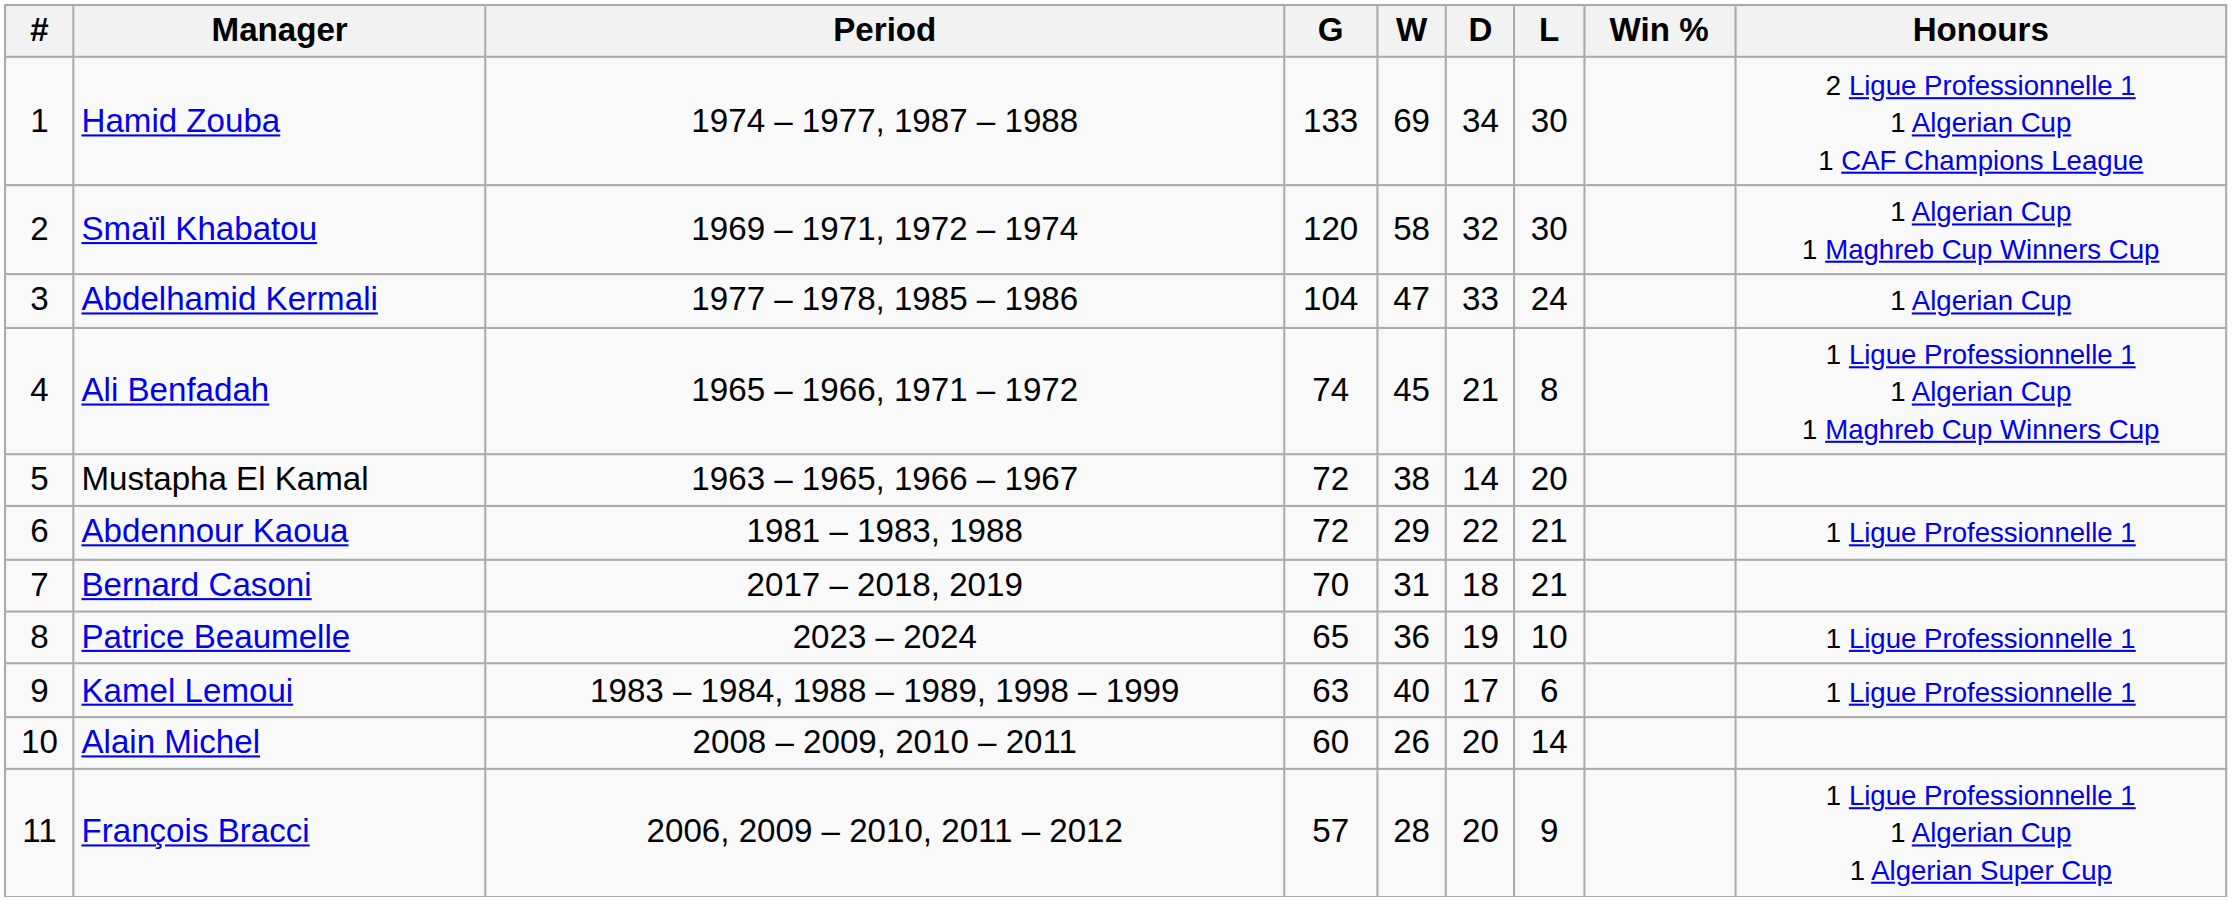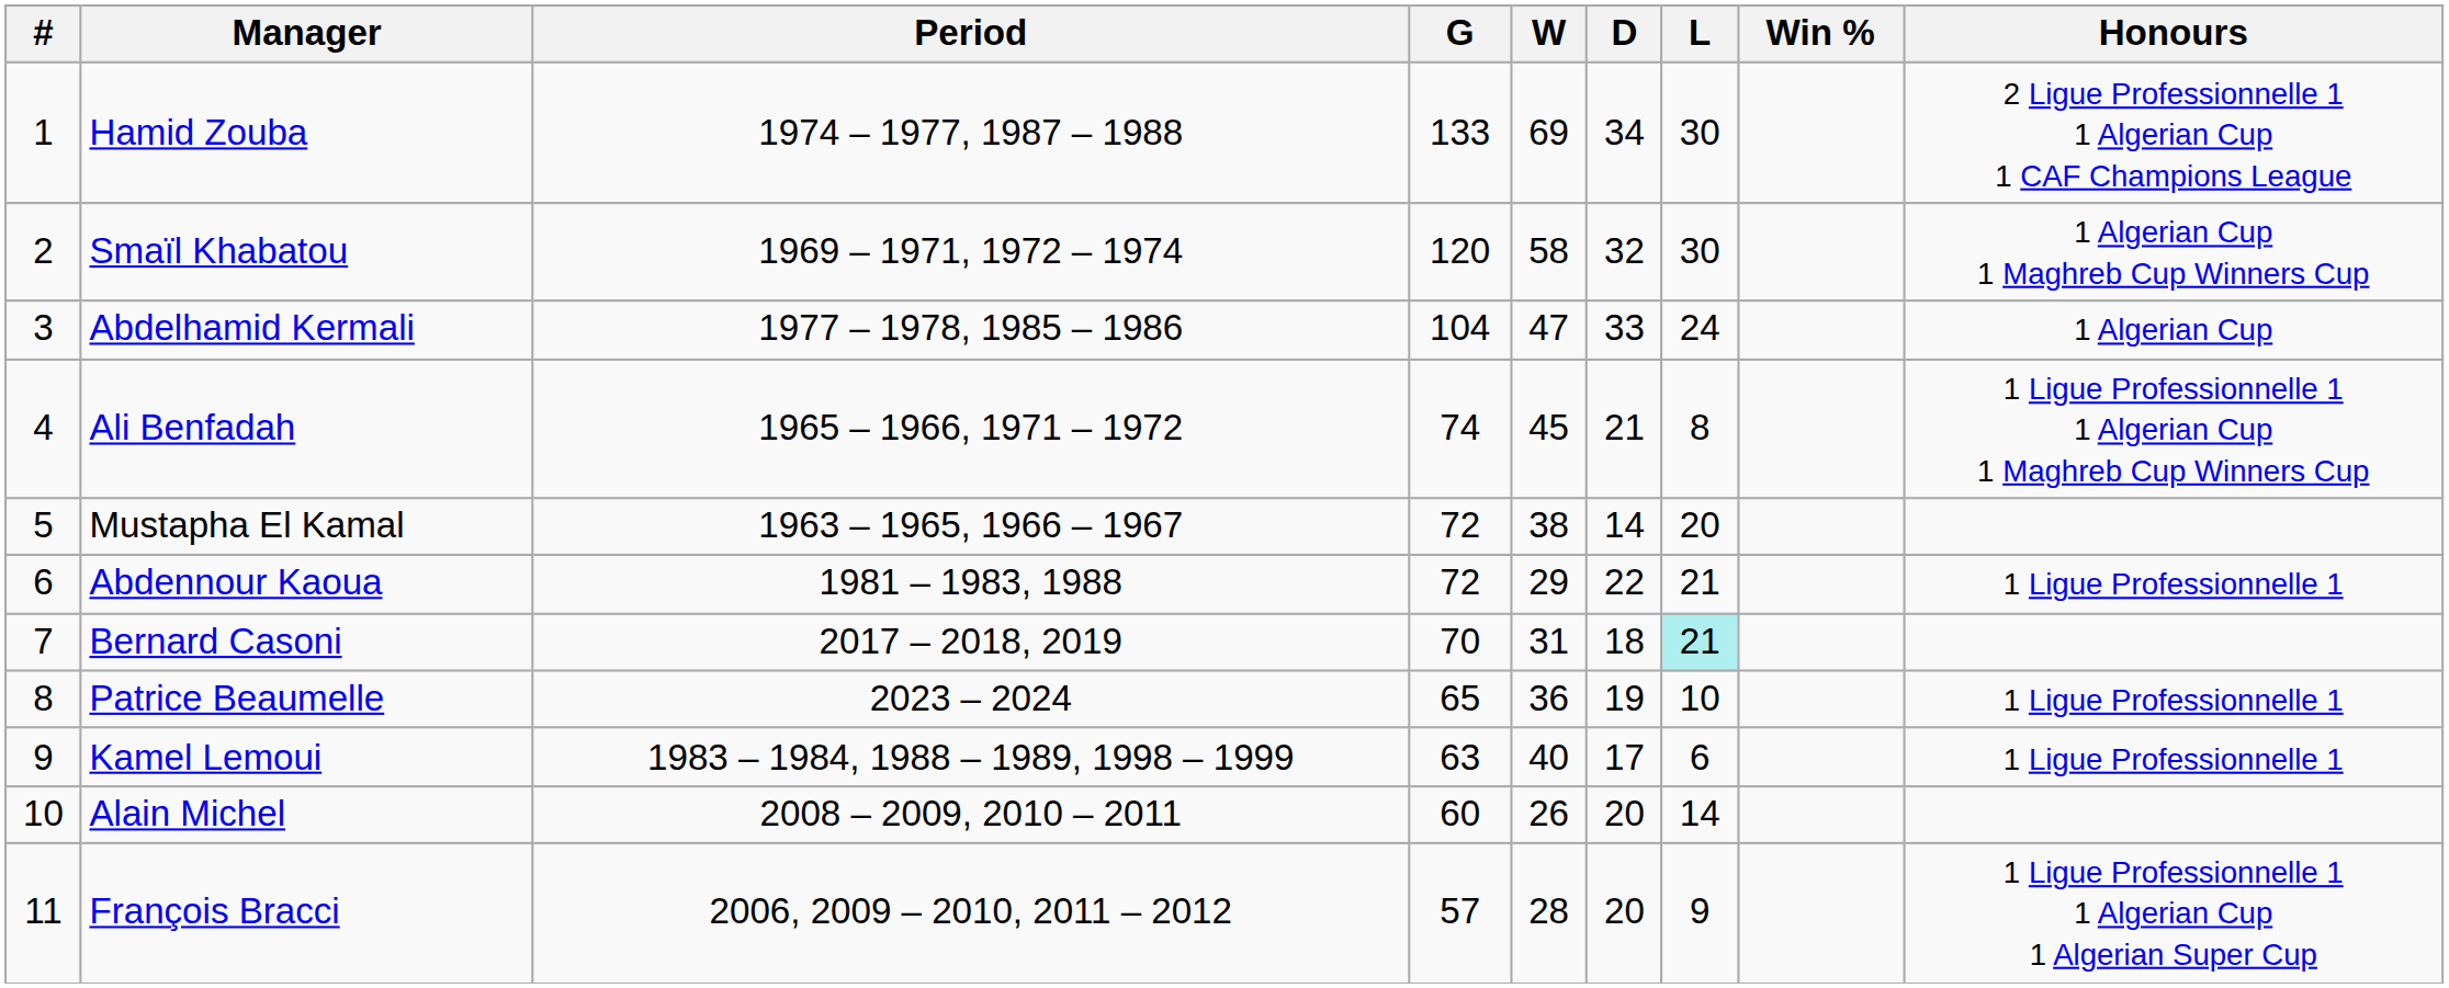 <table class="wikitable" width=85% border="2" cellpadding="4" style="border-collapse:collapse; text-align:center;">
 <tr>
 <th scope="col">#</th>
 <th scope="col">Manager</th>
 <th scope="col">Period</th>
 <th scope="col">G</th>
 <th scope="col">W</th>
 <th scope="col">D</th>
 <th scope="col">L</th>
 <th scope="col">Win %</th>
 <th scope="col">Honours</th>
 </tr>
 <tr>
 <td>1</td>
 <td align="left"> <a href='#'>Hamid Zouba</a></td>
 <td>1974 – 1977, 1987 – 1988</td>
 <td>133</td>
 <td>69</td>
 <td>34</td>
 <td>30</td>
 <td></td>
 <td><small>2 <a href='#'>Ligue Professionnelle 1</a> <br> 1 <a href='#'>Algerian Cup</a> <br> 1 <a href='#'>CAF Champions League</a></small></td>
 </tr>
 <tr>
 <td>2</td>
 <td align="left"> <a href='#'>Smaïl Khabatou</a></td>
 <td>1969 – 1971, 1972 – 1974</td>
 <td>120</td>
 <td>58</td>
 <td>32</td>
 <td>30</td>
 <td></td>
 <td><small>1 <a href='#'>Algerian Cup</a> <br> 1 <a href='#'>Maghreb Cup Winners Cup</a></small></td>
 </tr>
 <tr>
 <td>3</td>
 <td align="left"> <a href='#'>Abdelhamid Kermali</a></td>
 <td>1977 – 1978, 1985 – 1986</td>
 <td>104</td>
 <td>47</td>
 <td>33</td>
 <td>24</td>
 <td></td>
 <td><small>1 <a href='#'>Algerian Cup</a></small></td>
 </tr>
 <tr>
 <td>4</td>
 <td align="left"> <a href='#'>Ali Benfadah</a></td>
 <td>1965 – 1966, 1971 – 1972</td>
 <td>74</td>
 <td>45</td>
 <td>21</td>
 <td>8</td>
 <td></td>
 <td><small>1 <a href='#'>Ligue Professionnelle 1</a> <br> 1 <a href='#'>Algerian Cup</a> <br> 1 <a href='#'>Maghreb Cup Winners Cup</a></small></td>
 </tr>
 <tr>
 <td>5</td>
 <td align="left"> Mustapha El Kamal</td>
 <td>1963 – 1965, 1966 – 1967</td>
 <td>72</td>
 <td>38</td>
 <td>14</td>
 <td>20</td>
 <td></td>
 <td></td>
 </tr>
 <tr>
 <td>6</td>
 <td align="left"> <a href='#'>Abdennour Kaoua</a></td>
 <td>1981 – 1983, 1988</td>
 <td>72</td>
 <td>29</td>
 <td>22</td>
 <td>21</td>
 <td></td>
 <td><small>1 <a href='#'>Ligue Professionnelle 1</a></small></td>
 </tr>
 <tr>
 <td>7</td>
 <td align="left"> <a href='#'>Bernard Casoni</a></td>
 <td>2017 – 2018, 2019</td>
 <td>70</td>
 <td>31</td>
 <td>18</td>
-<td>21</td>
+<td style="background: paleturquoise;">21</td>
 <td></td>
 <td></td>
 </tr>
 <tr>
 <td>8</td>
 <td align="left"> <a href='#'>Patrice Beaumelle</a></td>
 <td>2023 – 2024</td>
 <td>65</td>
 <td>36</td>
 <td>19</td>
 <td>10</td>
 <td></td>
 <td><small>1 <a href='#'>Ligue Professionnelle 1</a></small></td>
 </tr>
 <tr>
 <td>9</td>
 <td align="left"> <a href='#'>Kamel Lemoui</a></td>
 <td>1983 – 1984, 1988 – 1989, 1998 – 1999</td>
 <td>63</td>
 <td>40</td>
 <td>17</td>
 <td>6</td>
 <td></td>
 <td><small>1 <a href='#'>Ligue Professionnelle 1</a></small></td>
 </tr>
 <tr>
 <td>10</td>
 <td align="left"> <a href='#'>Alain Michel</a></td>
 <td>2008 – 2009, 2010 – 2011</td>
 <td>60</td>
 <td>26</td>
 <td>20</td>
 <td>14</td>
 <td></td>
 <td></td>
 </tr>
 <tr>
 <td>11</td>
 <td align="left"> <a href='#'>François Bracci</a></td>
 <td>2006, 2009 – 2010, 2011 – 2012</td>
 <td>57</td>
 <td>28</td>
 <td>20</td>
 <td>9</td>
 <td></td>
 <td><small>1 <a href='#'>Ligue Professionnelle 1</a> <br> 1 <a href='#'>Algerian Cup</a> <br> 1 <a href='#'>Algerian Super Cup</a></small></td>
 </tr>
 <tr>
 </tr>
 </table>
